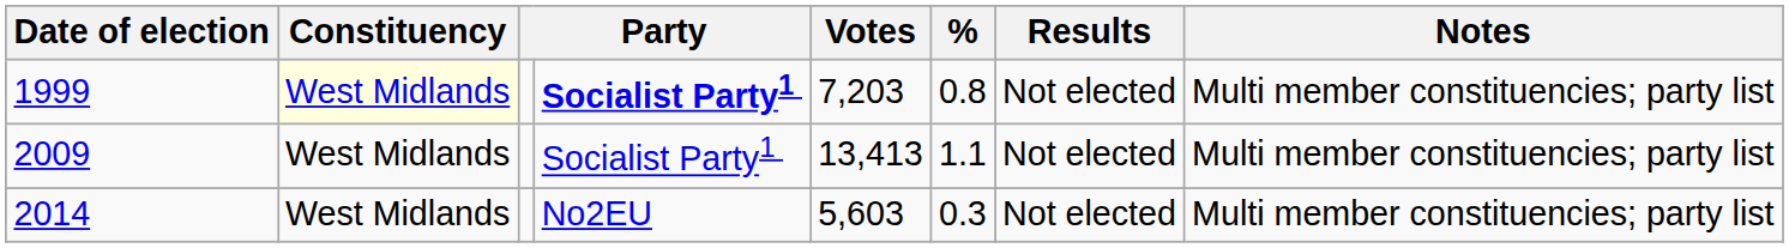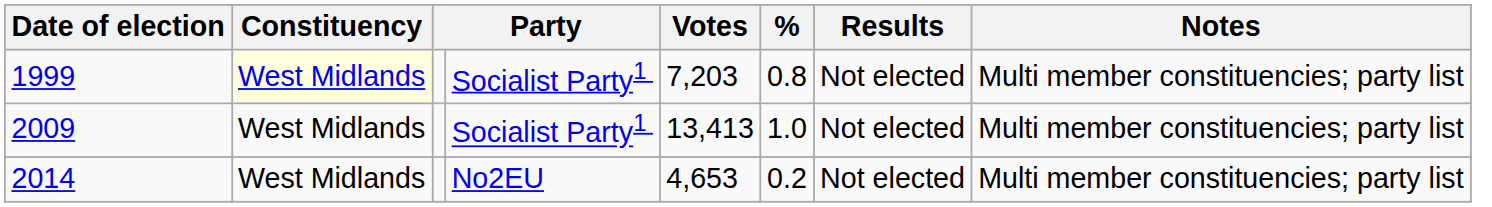 <table class="wikitable">
 <tr>
 <th>Date of election</th>
 <th>Constituency</th>
 <th colspan=2>Party</th>
 <th>Votes</th>
 <th>%</th>
 <th>Results</th>
 <th>Notes</th>
 </tr>
 <tr>
 <td><a href='#'>1999</a></td>
 <td style="background: lightyellow;"><a href='#'>West Midlands</a></td>
 <td style="background:"></td>
-<td><strong><a href='#'>Socialist Party</a><sup><a href='#'>1 </a></sup></strong></td>
+<td><a href='#'>Socialist Party</a><sup><a href='#'>1 </a></sup></td>
 <td>7,203</td>
 <td>0.8</td>
 <td>Not elected</td>
 <td>Multi member constituencies; party list</td>
 </tr>
 <tr>
 <td><a href='#'>2009</a></td>
 <td>West Midlands</td>
 <td style="background:"></td>
 <td><a href='#'>Socialist Party</a><sup><a href='#'>1 </a></sup></td>
 <td>13,413</td>
-<td>1.1</td>
+<td>1.0</td>
 <td>Not elected</td>
 <td>Multi member constituencies; party list</td>
 </tr>
 <tr>
 <td><a href='#'>2014</a></td>
 <td>West Midlands</td>
 <td style="background:"></td>
 <td><a href='#'>No2EU</a></td>
-<td>5,603</td>
-<td>0.3</td>
+<td>4,653</td>
+<td>0.2</td>
 <td>Not elected</td>
 <td>Multi member constituencies; party list</td>
 </tr>
 </table>
